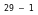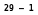 <table style="text-align:center">
 <tr>
 <th width=200></th>
 <th width=100></th>
 <th width=200></th>
 </tr>
 <tr>
 <td align=right><strong></strong></td>
-<td>29 – 1</td>
+<td><strong>29 – 1</strong></td>
 <td align=left></td>
 </tr>
 </table>
